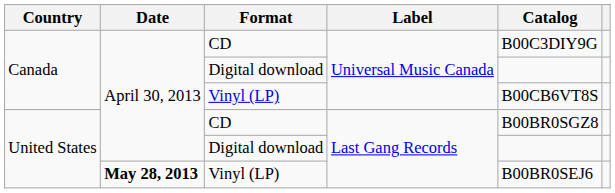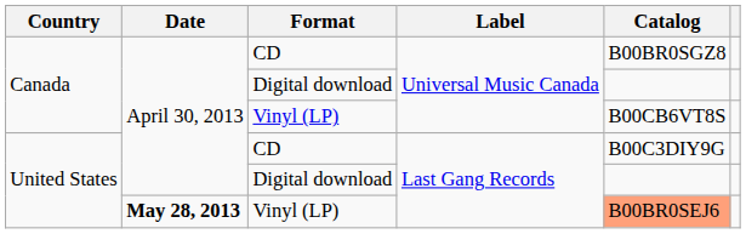 <table class="wikitable">
 <tr>
 <th>Country</th>
 <th>Date</th>
 <th>Format</th>
 <th>Label</th>
 <th>Catalog </th>
 <th></th>
 </tr>
 <tr>
 <td rowspan="3">Canada</td>
 <td rowspan="5">April 30, 2013</td>
 <td>CD</td>
 <td rowspan="3"><a href='#'>Universal Music Canada</a></td>
-<td>B00C3DIY9G</td>
+<td>B00BR0SGZ8</td>
 <td></td>
 </tr>
 <tr>
 <td>Digital download</td>
 <td></td>
 <td></td>
 </tr>
 <tr>
 <td><a href='#'>Vinyl (LP)</a></td>
 <td>B00CB6VT8S</td>
 <td></td>
 </tr>
 <tr>
 <td rowspan="3">United States</td>
 <td>CD</td>
 <td rowspan="3"><a href='#'>Last Gang Records</a></td>
-<td>B00BR0SGZ8</td>
+<td>B00C3DIY9G</td>
 <td></td>
 </tr>
 <tr>
 <td>Digital download</td>
 <td></td>
 <td></td>
 </tr>
 <tr>
 <td><strong>May 28, 2013</strong></td>
 <td>Vinyl (LP)</td>
-<td>B00BR0SEJ6</td>
+<td style="background: lightsalmon;">B00BR0SEJ6</td>
 <td></td>
 </tr>
 </table>
